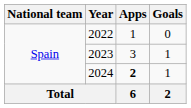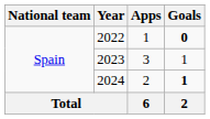 <table class="wikitable" style="text-align:center">
 <tr>
 <th>National team</th>
 <th>Year</th>
 <th>Apps</th>
 <th>Goals</th>
 </tr>
 <tr>
 <td rowspan="3"><a href='#'>Spain</a></td>
 <td>2022</td>
 <td>1</td>
-<td>0</td>
+<td><strong>0</strong></td>
 </tr>
 <tr>
 <td>2023</td>
 <td>3</td>
 <td>1</td>
 </tr>
 <tr>
 <td>2024</td>
-<td><strong>2</strong></td>
-<td>1</td>
+<td>2</td>
+<td><strong>1</strong></td>
 </tr>
 <tr>
 <th colspan="2">Total</th>
 <th>6</th>
 <th>2</th>
 </tr>
 </table>
